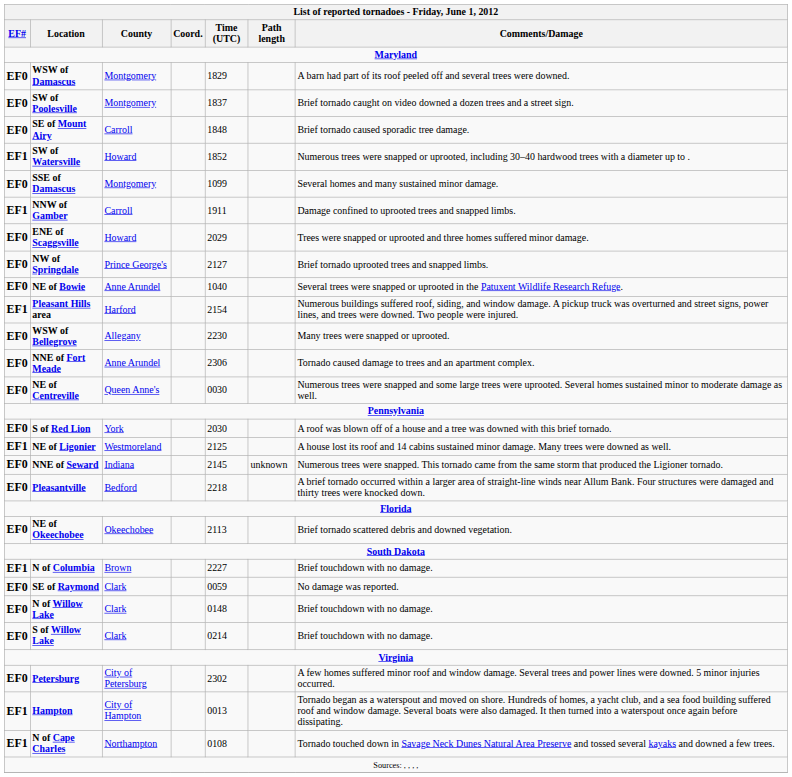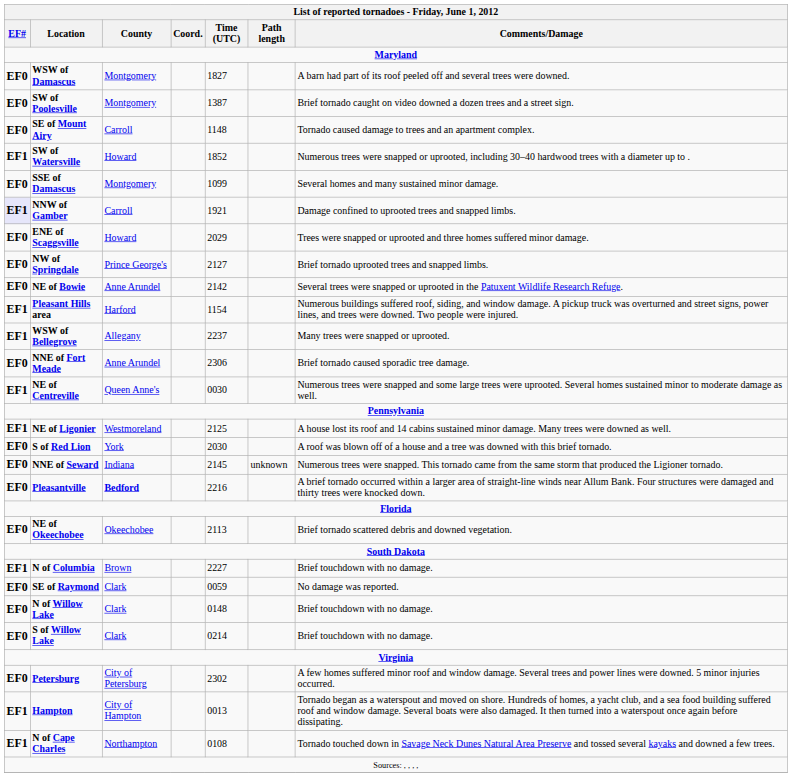 <table class="wikitable collapsible" width="100%">
 <tr>
 <th colspan="7">List of reported tornadoes - Friday, June 1, 2012</th>
 </tr>
 <tr>
 <th><a href='#'>EF#</a></th>
 <th>Location</th>
 <th>County</th>
 <th>Coord.</th>
 <th>Time (UTC)</th>
 <th>Path length</th>
 <th>Comments/Damage</th>
 </tr>
 <tr>
 <td colspan="7" align=center><strong><a href='#'>Maryland</a></strong></td>
 </tr>
 <tr>
 <td><big><strong>EF0</strong></big></td>
 <td><strong>WSW of <a href='#'>Damascus</a></strong></td>
 <td><a href='#'>Montgomery</a></td>
 <td></td>
-<td>1829</td>
+<td>1827</td>
 <td></td>
 <td>A barn had part of its roof peeled off and several trees were downed.</td>
 </tr>
 <tr>
 <td><big><strong>EF0</strong></big></td>
 <td><strong>SW of <a href='#'>Poolesville</a></strong></td>
 <td><a href='#'>Montgomery</a></td>
 <td></td>
-<td>1837</td>
+<td>1387</td>
 <td></td>
 <td>Brief tornado caught on video downed a dozen trees and a street sign.</td>
 </tr>
 <tr>
 <td><big><strong>EF0</strong></big></td>
 <td><strong>SE of <a href='#'>Mount Airy</a></strong></td>
 <td><a href='#'>Carroll</a></td>
 <td></td>
-<td>1848</td>
+<td>1148</td>
 <td></td>
-<td>Brief tornado caused sporadic tree damage.</td>
+<td>Tornado caused damage to trees and an apartment complex.</td>
 </tr>
 <tr>
 <td><big><strong>EF1</strong></big></td>
 <td><strong>SW of <a href='#'>Watersville</a></strong></td>
 <td><a href='#'>Howard</a></td>
 <td></td>
 <td>1852</td>
 <td></td>
 <td>Numerous trees were snapped or uprooted, including 30–40 hardwood trees with a diameter up to .</td>
 </tr>
 <tr>
 <td><big><strong>EF0</strong></big></td>
 <td><strong>SSE of <a href='#'>Damascus</a></strong></td>
 <td><a href='#'>Montgomery</a></td>
 <td></td>
 <td>1099</td>
 <td></td>
 <td>Several homes and many sustained minor damage.</td>
 </tr>
 <tr>
-<td><big><strong>EF1</strong></big></td>
+<td style="background: lavender;"><big><strong>EF1</strong></big></td>
 <td><strong>NNW of <a href='#'>Gamber</a></strong></td>
 <td><a href='#'>Carroll</a></td>
 <td></td>
-<td>1911</td>
+<td>1921</td>
 <td></td>
 <td>Damage confined to uprooted trees and snapped limbs.</td>
 </tr>
 <tr>
 <td><big><strong>EF0</strong></big></td>
 <td><strong>ENE of <a href='#'>Scaggsville</a></strong></td>
 <td><a href='#'>Howard</a></td>
 <td></td>
 <td>2029</td>
 <td></td>
 <td>Trees were snapped or uprooted and three homes suffered minor damage.</td>
 </tr>
 <tr>
 <td><big><strong>EF0</strong></big></td>
 <td><strong>NW of <a href='#'>Springdale</a></strong></td>
 <td><a href='#'>Prince George's</a></td>
 <td></td>
 <td>2127</td>
 <td></td>
 <td>Brief tornado uprooted trees and snapped limbs.</td>
 </tr>
 <tr>
 <td><big><strong>EF0</strong></big></td>
 <td><strong>NE of <a href='#'>Bowie</a></strong></td>
 <td><a href='#'>Anne Arundel</a></td>
 <td></td>
-<td>1040</td>
+<td>2142</td>
 <td></td>
 <td>Several trees were snapped or uprooted in the <a href='#'>Patuxent Wildlife Research Refuge</a>.</td>
 </tr>
 <tr>
 <td><big><strong>EF1</strong></big></td>
 <td><strong><a href='#'>Pleasant Hills</a> area</strong></td>
 <td><a href='#'>Harford</a></td>
 <td></td>
-<td>2154</td>
+<td>1154</td>
 <td></td>
 <td>Numerous buildings suffered roof, siding, and window damage. A pickup truck was overturned and street signs, power lines, and trees were downed. Two people were injured.</td>
 </tr>
 <tr>
-<td><big><strong>EF0</strong></big></td>
+<td><big><strong>EF1</strong></big></td>
 <td><strong>WSW of <a href='#'>Bellegrove</a></strong></td>
 <td><a href='#'>Allegany</a></td>
 <td></td>
-<td>2230</td>
+<td>2237</td>
 <td></td>
 <td>Many trees were snapped or uprooted.</td>
 </tr>
 <tr>
 <td><big><strong>EF0</strong></big></td>
 <td><strong>NNE of <a href='#'>Fort Meade</a></strong></td>
 <td><a href='#'>Anne Arundel</a></td>
 <td></td>
 <td>2306</td>
 <td></td>
-<td>Tornado caused damage to trees and an apartment complex.</td>
+<td>Brief tornado caused sporadic tree damage.</td>
 </tr>
 <tr>
-<td><big><strong>EF0</strong></big></td>
+<td><big><strong>EF1</strong></big></td>
 <td><strong>NE of <a href='#'>Centreville</a></strong></td>
 <td><a href='#'>Queen Anne's</a></td>
 <td></td>
 <td>0030</td>
 <td></td>
 <td>Numerous trees were snapped and some large trees were uprooted. Several homes sustained minor to moderate damage as well.</td>
 </tr>
 <tr>
 <td colspan="7" align=center><strong><a href='#'>Pennsylvania</a></strong></td>
 </tr>
 <tr>
+<td><big><strong>EF1</strong></big></td>
+<td><strong>NE of <a href='#'>Ligonier</a></strong></td>
+<td><a href='#'>Westmoreland</a></td>
+<td></td>
+<td>2125</td>
+<td></td>
+<td>A house lost its roof and 14 cabins sustained minor damage. Many trees were downed as well.</td>
+</tr>
+<tr>
 <td><big><strong>EF0</strong></big></td>
 <td><strong>S of <a href='#'>Red Lion</a></strong></td>
 <td><a href='#'>York</a></td>
 <td></td>
 <td>2030</td>
 <td></td>
 <td>A roof was blown off of a house and a tree was downed with this brief tornado.</td>
-</tr>
-<tr>
-<td><big><strong>EF1</strong></big></td>
-<td><strong>NE of <a href='#'>Ligonier</a></strong></td>
-<td><a href='#'>Westmoreland</a></td>
-<td></td>
-<td>2125</td>
-<td></td>
-<td>A house lost its roof and 14 cabins sustained minor damage. Many trees were downed as well.</td>
 </tr>
 <tr>
 <td><big><strong>EF0</strong></big></td>
 <td><strong>NNE of <a href='#'>Seward</a></strong></td>
 <td><a href='#'>Indiana</a></td>
 <td></td>
 <td>2145</td>
 <td>unknown</td>
 <td>Numerous trees were snapped. This tornado came from the same storm that produced the Ligioner tornado.</td>
 </tr>
 <tr>
 <td><big><strong>EF0</strong></big></td>
 <td><strong><a href='#'>Pleasantville</a></strong></td>
-<td><a href='#'>Bedford</a></td>
+<td><strong><a href='#'>Bedford</a></strong></td>
 <td></td>
-<td>2218</td>
+<td>2216</td>
 <td></td>
 <td>A brief tornado occurred within a larger area of straight-line winds near Allum Bank. Four structures were damaged and thirty trees were knocked down.</td>
 </tr>
 <tr>
 <td colspan="7" align=center><strong><a href='#'>Florida</a></strong></td>
 </tr>
 <tr>
 <td><big><strong>EF0</strong></big></td>
 <td><strong>NE of <a href='#'>Okeechobee</a></strong></td>
 <td><a href='#'>Okeechobee</a></td>
 <td></td>
 <td>2113</td>
 <td></td>
 <td>Brief tornado scattered debris and downed vegetation.</td>
 </tr>
 <tr>
 <td colspan="7" align=center><strong><a href='#'>South Dakota</a></strong></td>
 </tr>
 <tr>
 <td><big><strong>EF1</strong></big></td>
 <td><strong>N of <a href='#'>Columbia</a></strong></td>
 <td><a href='#'>Brown</a></td>
 <td></td>
 <td>2227</td>
 <td></td>
 <td>Brief touchdown with no damage.</td>
 </tr>
 <tr>
 <td><big><strong>EF0</strong></big></td>
 <td><strong>SE of <a href='#'>Raymond</a></strong></td>
 <td><a href='#'>Clark</a></td>
 <td></td>
 <td>0059</td>
 <td></td>
 <td>No damage was reported.</td>
 </tr>
 <tr>
 <td><big><strong>EF0</strong></big></td>
 <td><strong>N of <a href='#'>Willow Lake</a></strong></td>
 <td><a href='#'>Clark</a></td>
 <td></td>
 <td>0148</td>
 <td></td>
 <td>Brief touchdown with no damage.</td>
 </tr>
 <tr>
 <td><big><strong>EF0</strong></big></td>
 <td><strong>S of <a href='#'>Willow Lake</a></strong></td>
 <td><a href='#'>Clark</a></td>
 <td></td>
 <td>0214</td>
 <td></td>
 <td>Brief touchdown with no damage.</td>
 </tr>
 <tr>
 <td colspan="7" align=center><strong><a href='#'>Virginia</a></strong></td>
 </tr>
 <tr>
 <td><big><strong>EF0</strong></big></td>
 <td><strong><a href='#'>Petersburg</a></strong></td>
 <td><a href='#'>City of Petersburg</a></td>
 <td></td>
 <td>2302</td>
 <td></td>
 <td>A few homes suffered minor roof and window damage. Several trees and power lines were downed. 5 minor injuries occurred.</td>
 </tr>
 <tr>
 <td><big><strong>EF1</strong></big></td>
 <td><strong><a href='#'>Hampton</a></strong></td>
 <td><a href='#'>City of Hampton</a></td>
 <td></td>
 <td>0013</td>
 <td></td>
 <td>Tornado began as a waterspout and moved on shore. Hundreds of homes, a yacht club, and a sea food building suffered roof and window damage. Several boats were also damaged. It then turned into a waterspout once again before dissipating.</td>
 </tr>
 <tr>
 <td><big><strong>EF1</strong></big></td>
 <td><strong>N of <a href='#'>Cape Charles</a></strong></td>
 <td><a href='#'>Northampton</a></td>
 <td></td>
 <td>0108</td>
 <td></td>
 <td>Tornado touched down in <a href='#'>Savage Neck Dunes Natural Area Preserve</a> and tossed several <a href='#'>kayaks</a> and downed a few trees.</td>
 </tr>
 <tr>
 <td colspan="7" align=center><small>Sources: , , , , </small></td>
 </tr>
 <tr>
 </tr>
 </table>
